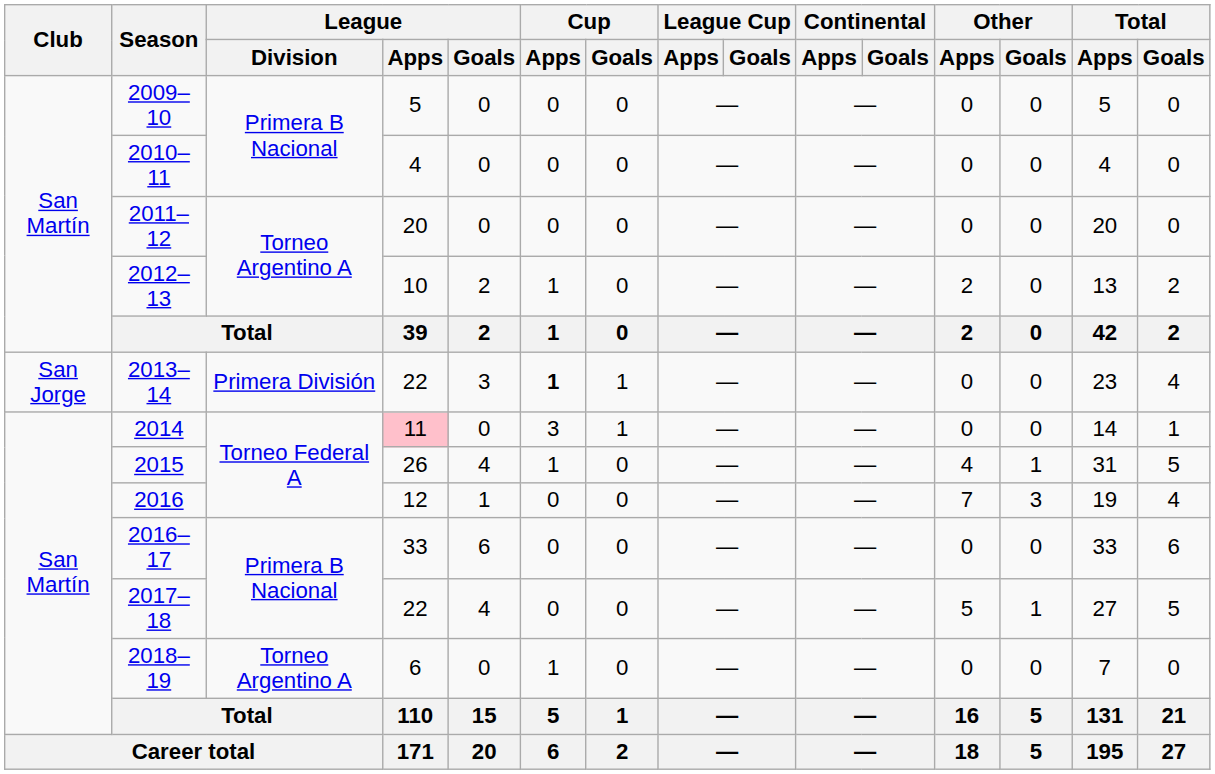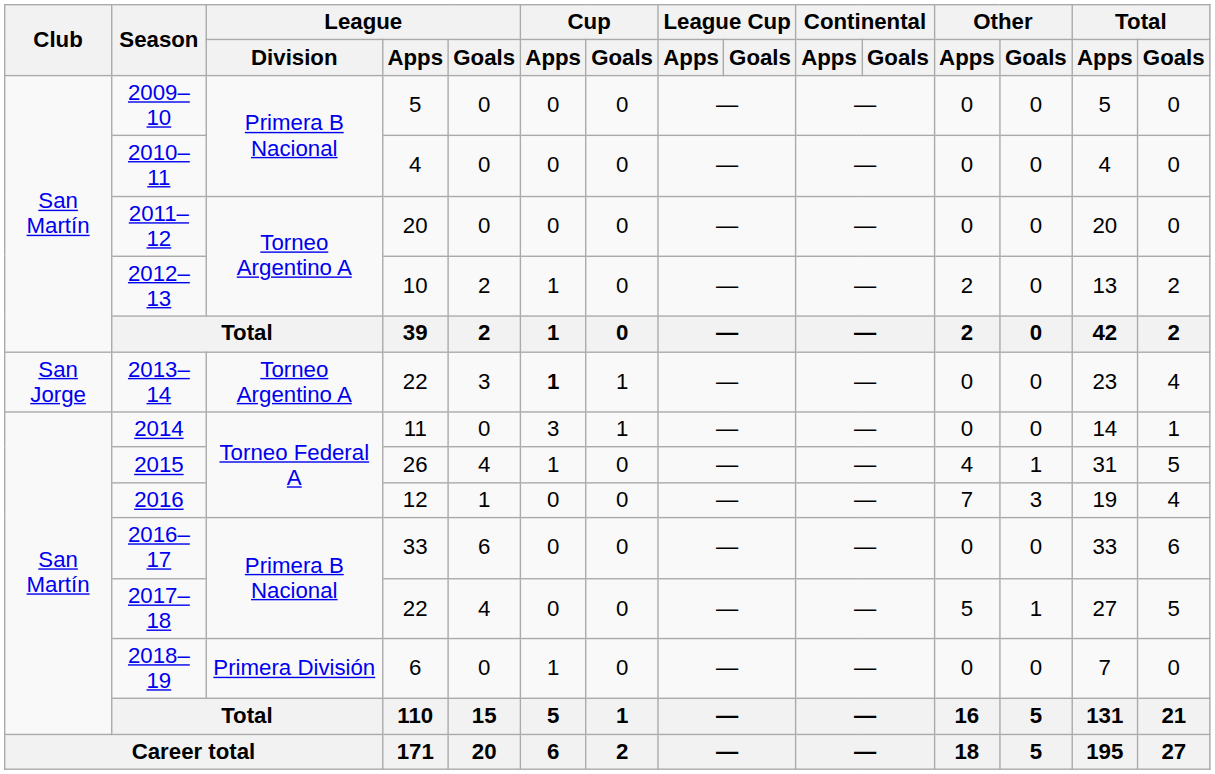 <table class="wikitable" style="text-align:center">
 <tr>
 <th rowspan="2">Club</th>
 <th rowspan="2">Season</th>
 <th colspan="3">League</th>
 <th colspan="2">Cup</th>
 <th colspan="2">League Cup</th>
 <th colspan="2">Continental</th>
 <th colspan="2">Other</th>
 <th colspan="2">Total</th>
 </tr>
 <tr>
 <th>Division</th>
 <th>Apps</th>
 <th>Goals</th>
 <th>Apps</th>
 <th>Goals</th>
 <th>Apps</th>
 <th>Goals</th>
 <th>Apps</th>
 <th>Goals</th>
 <th>Apps</th>
 <th>Goals</th>
 <th>Apps</th>
 <th>Goals</th>
 </tr>
 <tr>
 <td rowspan="5"><a href='#'>San Martín</a></td>
 <td><a href='#'>2009–10</a></td>
 <td rowspan="2"><a href='#'>Primera B Nacional</a></td>
 <td>5</td>
 <td>0</td>
 <td>0</td>
 <td>0</td>
 <td colspan="2">—</td>
 <td colspan="2">—</td>
 <td>0</td>
 <td>0</td>
 <td>5</td>
 <td>0</td>
 </tr>
 <tr>
 <td><a href='#'>2010–11</a></td>
 <td>4</td>
 <td>0</td>
 <td>0</td>
 <td>0</td>
 <td colspan="2">—</td>
 <td colspan="2">—</td>
 <td>0</td>
 <td>0</td>
 <td>4</td>
 <td>0</td>
 </tr>
 <tr>
 <td><a href='#'>2011–12</a></td>
 <td rowspan="2"><a href='#'>Torneo Argentino A</a></td>
 <td>20</td>
 <td>0</td>
 <td>0</td>
 <td>0</td>
 <td colspan="2">—</td>
 <td colspan="2">—</td>
 <td>0</td>
 <td>0</td>
 <td>20</td>
 <td>0</td>
 </tr>
 <tr>
 <td><a href='#'>2012–13</a></td>
 <td>10</td>
 <td>2</td>
 <td>1</td>
 <td>0</td>
 <td colspan="2">—</td>
 <td colspan="2">—</td>
 <td>2</td>
 <td>0</td>
 <td>13</td>
 <td>2</td>
 </tr>
 <tr>
 <th colspan="2">Total</th>
 <th>39</th>
 <th>2</th>
 <th>1</th>
 <th>0</th>
 <th colspan="2">—</th>
 <th colspan="2">—</th>
 <th>2</th>
 <th>0</th>
 <th>42</th>
 <th>2</th>
 </tr>
 <tr>
 <td rowspan="1"><a href='#'>San Jorge</a></td>
 <td><a href='#'>2013–14</a></td>
-<td rowspan="1"><a href='#'>Primera División</a></td>
+<td rowspan="1"><a href='#'>Torneo Argentino A</a></td>
 <td>22</td>
 <td>3</td>
 <td><strong>1</strong></td>
 <td>1</td>
 <td colspan="2">—</td>
 <td colspan="2">—</td>
 <td>0</td>
 <td>0</td>
 <td>23</td>
 <td>4</td>
 </tr>
 <tr>
 <td rowspan="7"><a href='#'>San Martín</a></td>
 <td><a href='#'>2014</a></td>
 <td rowspan="3"><a href='#'>Torneo Federal A</a></td>
-<td style="background: pink;">11</td>
+<td>11</td>
 <td>0</td>
 <td>3</td>
 <td>1</td>
 <td colspan="2">—</td>
 <td colspan="2">—</td>
 <td>0</td>
 <td>0</td>
 <td>14</td>
 <td>1</td>
 </tr>
 <tr>
 <td><a href='#'>2015</a></td>
 <td>26</td>
 <td>4</td>
 <td>1</td>
 <td>0</td>
 <td colspan="2">—</td>
 <td colspan="2">—</td>
 <td>4</td>
 <td>1</td>
 <td>31</td>
 <td>5</td>
 </tr>
 <tr>
 <td><a href='#'>2016</a></td>
 <td>12</td>
 <td>1</td>
 <td>0</td>
 <td>0</td>
 <td colspan="2">—</td>
 <td colspan="2">—</td>
 <td>7</td>
 <td>3</td>
 <td>19</td>
 <td>4</td>
 </tr>
 <tr>
 <td><a href='#'>2016–17</a></td>
 <td rowspan="2"><a href='#'>Primera B Nacional</a></td>
 <td>33</td>
 <td>6</td>
 <td>0</td>
 <td>0</td>
 <td colspan="2">—</td>
 <td colspan="2">—</td>
 <td>0</td>
 <td>0</td>
 <td>33</td>
 <td>6</td>
 </tr>
 <tr>
 <td><a href='#'>2017–18</a></td>
 <td>22</td>
 <td>4</td>
 <td>0</td>
 <td>0</td>
 <td colspan="2">—</td>
 <td colspan="2">—</td>
 <td>5</td>
 <td>1</td>
 <td>27</td>
 <td>5</td>
 </tr>
 <tr>
 <td><a href='#'>2018–19</a></td>
-<td rowspan="1"><a href='#'>Torneo Argentino A</a></td>
+<td rowspan="1"><a href='#'>Primera División</a></td>
 <td>6</td>
 <td>0</td>
 <td>1</td>
 <td>0</td>
 <td colspan="2">—</td>
 <td colspan="2">—</td>
 <td>0</td>
 <td>0</td>
 <td>7</td>
 <td>0</td>
 </tr>
 <tr>
 <th colspan="2">Total</th>
 <th>110</th>
 <th>15</th>
 <th>5</th>
 <th>1</th>
 <th colspan="2">—</th>
 <th colspan="2">—</th>
 <th>16</th>
 <th>5</th>
 <th>131</th>
 <th>21</th>
 </tr>
 <tr>
 <th colspan="3">Career total</th>
 <th>171</th>
 <th>20</th>
 <th>6</th>
 <th>2</th>
 <th colspan="2">—</th>
 <th colspan="2">—</th>
 <th>18</th>
 <th>5</th>
 <th>195</th>
 <th>27</th>
 </tr>
 </table>
